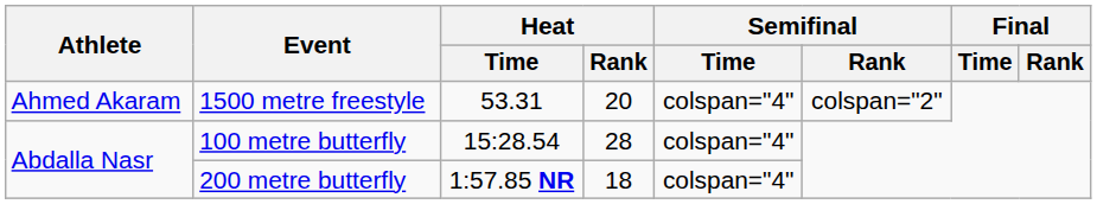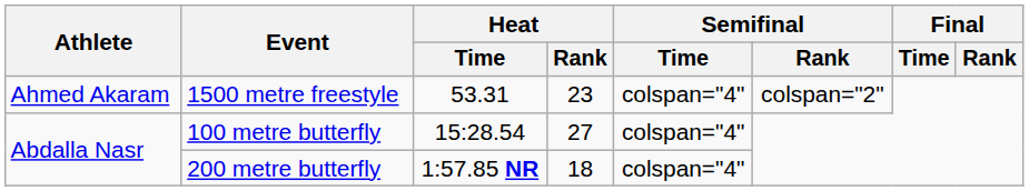 <table class="wikitable" style="text-align:center; font-size:90%; width:50%;">
 <tr>
 <th rowspan="2">Athlete</th>
 <th rowspan="2">Event</th>
 <th colspan="2">Heat</th>
 <th colspan="2">Semifinal</th>
 <th colspan="2">Final</th>
 </tr>
 <tr style="font-size:95%">
 <th>Time</th>
 <th>Rank</th>
 <th>Time</th>
 <th>Rank</th>
 <th>Time</th>
 <th>Rank</th>
 </tr>
 <tr align=center>
 <td align=left><a href='#'>Ahmed Akaram</a></td>
 <td align=left><a href='#'>1500 metre freestyle</a></td>
 <td>53.31</td>
-<td>20</td>
+<td>23</td>
 <td>colspan="4" </td>
 <td>colspan="2" </td>
 </tr>
 <tr align=center>
 <td align=left rowspan="2"><a href='#'>Abdalla Nasr</a></td>
 <td align=left><a href='#'>100 metre butterfly</a></td>
 <td>15:28.54</td>
-<td>28</td>
+<td>27</td>
 <td>colspan="4" </td>
 </tr>
 <tr align=center>
 <td align=left><a href='#'>200 metre butterfly</a></td>
 <td>1:57.85 <strong><a href='#'>NR</a></strong></td>
 <td>18</td>
 <td>colspan="4" </td>
 </tr>
 </table>
